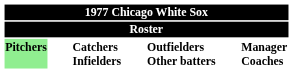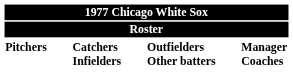 <table class="toccolours" style="font-size: 95%;">
 <tr>
 <th colspan="10" style="background-color: black; color: white; text-align: center;">1977 Chicago White Sox</th>
 </tr>
 <tr>
 <td colspan="10" style="background-color: black; color: white; text-align: center;"><strong>Roster</strong></td>
 </tr>
 <tr>
-<td valign="top" style="background: lightgreen;"><strong>Pitchers</strong><br>                  </td>
+<td valign="top"><strong>Pitchers</strong><br>                  </td>
 <td width="25px"></td>
 <td valign="top"><strong>Catchers</strong><br>   <strong>Infielders</strong>           </td>
 <td width="25px"></td>
 <td valign="top"><strong>Outfielders</strong><br>           <strong>Other batters</strong> </td>
 <td width="25px"></td>
 <td valign="top"><strong>Manager</strong><br> <strong>Coaches</strong>    </td>
 </tr>
 </table>
